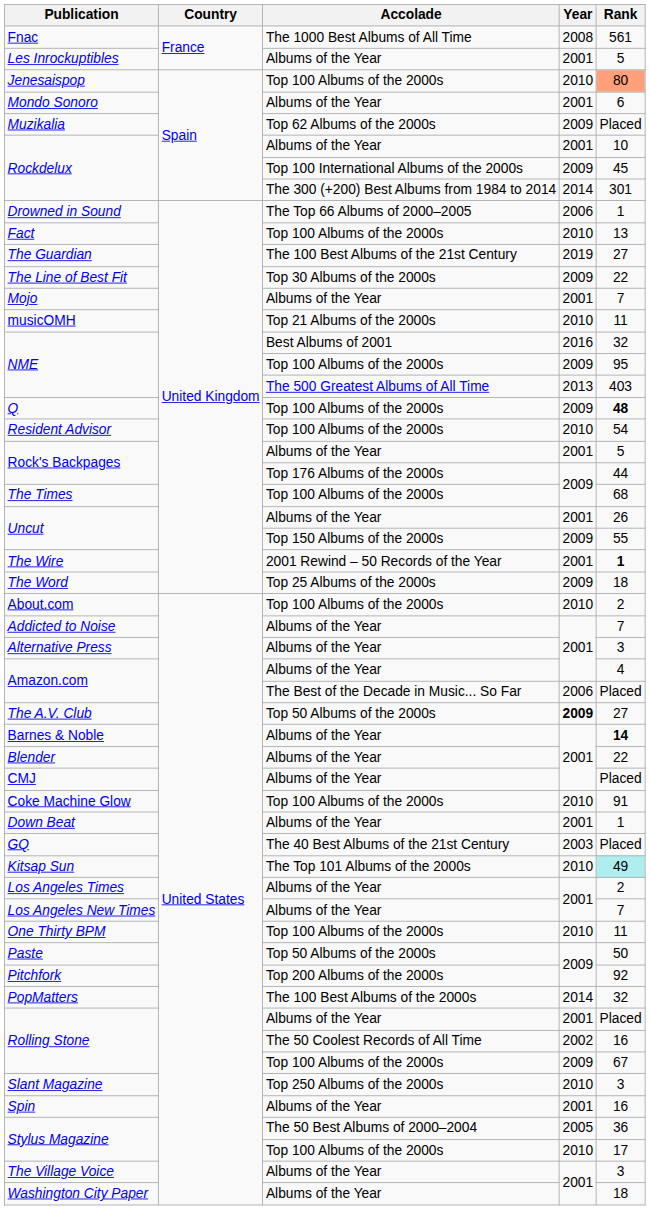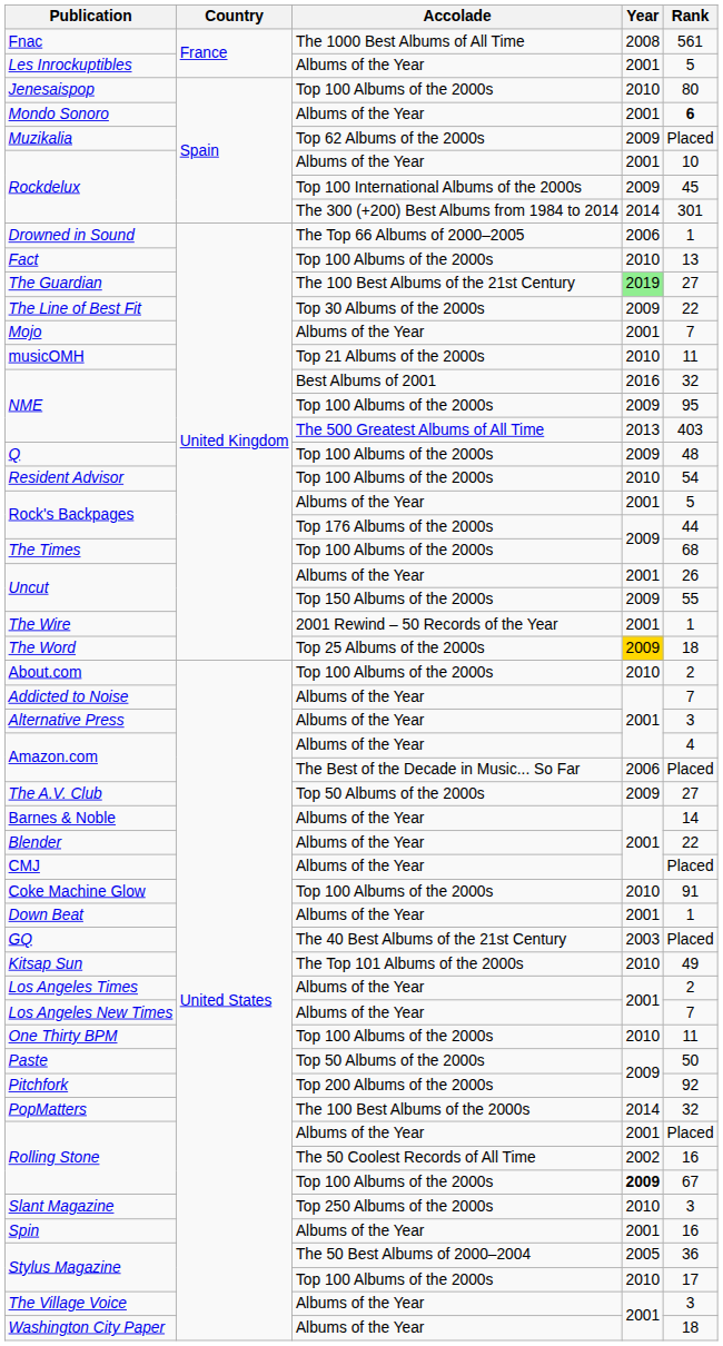 <table class="wikitable sortable">
 <tr>
 <th>Publication</th>
 <th>Country</th>
 <th>Accolade</th>
 <th>Year</th>
 <th>Rank</th>
 </tr>
 <tr>
 <td><a href='#'>Fnac</a></td>
 <td rowspan="2"><a href='#'>France</a></td>
 <td>The 1000 Best Albums of All Time</td>
 <td>2008</td>
 <td style="text-align:center;">561</td>
 </tr>
 <tr>
 <td><em><a href='#'>Les Inrockuptibles</a></em></td>
 <td>Albums of the Year</td>
 <td>2001</td>
 <td style="text-align:center;">5</td>
 </tr>
 <tr>
 <td><em><a href='#'>Jenesaispop</a></em></td>
 <td rowspan="6"><a href='#'>Spain</a></td>
 <td>Top 100 Albums of the 2000s</td>
 <td>2010</td>
-<td style="background: lightsalmon; text-align:center;">80</td>
+<td style="text-align:center;">80</td>
 </tr>
 <tr>
 <td><em><a href='#'>Mondo Sonoro</a></em></td>
 <td>Albums of the Year</td>
 <td>2001</td>
-<td style="text-align:center;">6</td>
+<td style="text-align:center;"><strong>6</strong></td>
 </tr>
 <tr>
 <td><em><a href='#'>Muzikalia</a></em></td>
 <td>Top 62 Albums of the 2000s</td>
 <td>2009</td>
 <td style="text-align:center;">Placed</td>
 </tr>
 <tr>
 <td rowspan="3"><em><a href='#'>Rockdelux</a></em></td>
 <td>Albums of the Year</td>
 <td>2001</td>
 <td style="text-align:center;">10</td>
 </tr>
 <tr>
 <td>Top 100 International Albums of the 2000s</td>
 <td>2009</td>
 <td style="text-align:center;">45</td>
 </tr>
 <tr>
 <td>The 300 (+200) Best Albums from 1984 to 2014</td>
 <td>2014</td>
 <td style="text-align:center;">301</td>
 </tr>
 <tr>
 <td><em><a href='#'>Drowned in Sound</a></em></td>
 <td rowspan="18"><a href='#'>United Kingdom</a></td>
 <td>The Top 66 Albums of 2000–2005</td>
 <td>2006</td>
 <td style="text-align:center;">1</td>
 </tr>
 <tr>
 <td><em><a href='#'>Fact</a></em></td>
 <td>Top 100 Albums of the 2000s</td>
 <td>2010</td>
 <td style="text-align:center;">13</td>
 </tr>
 <tr>
 <td><em><a href='#'>The Guardian</a></em></td>
 <td>The 100 Best Albums of the 21st Century</td>
-<td>2019</td>
+<td style="background: lightgreen;">2019</td>
 <td style="text-align:center;">27</td>
 </tr>
 <tr>
 <td><em><a href='#'>The Line of Best Fit</a></em></td>
 <td>Top 30 Albums of the 2000s</td>
 <td>2009</td>
 <td style="text-align:center;">22</td>
 </tr>
 <tr>
 <td><em><a href='#'>Mojo</a></em></td>
 <td>Albums of the Year</td>
 <td>2001</td>
 <td style="text-align:center;">7</td>
 </tr>
 <tr>
 <td><a href='#'>musicOMH</a></td>
 <td>Top 21 Albums of the 2000s</td>
 <td>2010</td>
 <td style="text-align:center;">11</td>
 </tr>
 <tr>
 <td rowspan="3"><em><a href='#'>NME</a></em></td>
 <td>Best Albums of 2001</td>
 <td>2016</td>
 <td style="text-align:center;">32</td>
 </tr>
 <tr>
 <td>Top 100 Albums of the 2000s</td>
 <td>2009</td>
 <td style="text-align:center;">95</td>
 </tr>
 <tr>
 <td><a href='#'>The 500 Greatest Albums of All Time</a></td>
 <td>2013</td>
 <td style="text-align:center;">403</td>
 </tr>
 <tr>
 <td><em><a href='#'>Q</a></em></td>
 <td>Top 100 Albums of the 2000s</td>
 <td>2009</td>
-<td style="text-align:center;"><strong>48</strong></td>
+<td style="text-align:center;">48</td>
 </tr>
 <tr>
 <td><em><a href='#'>Resident Advisor</a></em></td>
 <td>Top 100 Albums of the 2000s</td>
 <td>2010</td>
 <td style="text-align:center;">54</td>
 </tr>
 <tr>
 <td rowspan="2"><a href='#'>Rock's Backpages</a></td>
 <td>Albums of the Year</td>
 <td>2001</td>
 <td style="text-align:center;">5</td>
 </tr>
 <tr>
 <td>Top 176 Albums of the 2000s</td>
 <td rowspan="2">2009</td>
 <td style="text-align:center;">44</td>
 </tr>
 <tr>
 <td><em><a href='#'>The Times</a></em></td>
 <td>Top 100 Albums of the 2000s</td>
 <td style="text-align:center;">68</td>
 </tr>
 <tr>
 <td rowspan="2"><em><a href='#'>Uncut</a></em></td>
 <td>Albums of the Year</td>
 <td>2001</td>
 <td style="text-align:center;">26</td>
 </tr>
 <tr>
 <td>Top 150 Albums of the 2000s</td>
 <td>2009</td>
 <td style="text-align:center;">55</td>
 </tr>
 <tr>
 <td><em><a href='#'>The Wire</a></em></td>
 <td>2001 Rewind – 50 Records of the Year</td>
 <td>2001</td>
-<td style="text-align:center;"><strong>1</strong></td>
+<td style="text-align:center;">1</td>
 </tr>
 <tr>
 <td><em><a href='#'>The Word</a></em></td>
 <td>Top 25 Albums of the 2000s</td>
-<td>2009</td>
+<td style="background: gold;">2009</td>
 <td style="text-align:center;">18</td>
 </tr>
 <tr>
 <td><a href='#'>About.com</a></td>
 <td rowspan="28"><a href='#'>United States</a></td>
 <td>Top 100 Albums of the 2000s</td>
 <td>2010</td>
 <td style="text-align:center;">2</td>
 </tr>
 <tr>
 <td><em><a href='#'>Addicted to Noise</a></em></td>
 <td>Albums of the Year</td>
 <td rowspan="3">2001</td>
 <td style="text-align:center;">7</td>
 </tr>
 <tr>
 <td><em><a href='#'>Alternative Press</a></em></td>
 <td>Albums of the Year</td>
 <td style="text-align:center;">3</td>
 </tr>
 <tr>
 <td rowspan="2"><a href='#'>Amazon.com</a></td>
 <td>Albums of the Year</td>
 <td style="text-align:center;">4</td>
 </tr>
 <tr>
 <td>The Best of the Decade in Music... So Far</td>
 <td>2006</td>
 <td style="text-align:center;">Placed</td>
 </tr>
 <tr>
 <td><em><a href='#'>The A.V. Club</a></em></td>
 <td>Top 50 Albums of the 2000s</td>
-<td><strong>2009</strong></td>
+<td>2009</td>
 <td style="text-align:center;">27</td>
 </tr>
 <tr>
 <td><a href='#'>Barnes & Noble</a></td>
 <td>Albums of the Year</td>
 <td rowspan="3">2001</td>
-<td style="text-align:center;"><strong>14</strong></td>
+<td style="text-align:center;">14</td>
 </tr>
 <tr>
 <td><em><a href='#'>Blender</a></em></td>
 <td>Albums of the Year</td>
 <td style="text-align:center;">22</td>
 </tr>
 <tr>
 <td><a href='#'>CMJ</a></td>
 <td>Albums of the Year</td>
 <td style="text-align:center;">Placed</td>
 </tr>
 <tr>
 <td><a href='#'>Coke Machine Glow</a></td>
 <td>Top 100 Albums of the 2000s</td>
 <td>2010</td>
 <td style="text-align:center;">91</td>
 </tr>
 <tr>
 <td><em><a href='#'>Down Beat</a></em></td>
 <td>Albums of the Year</td>
 <td>2001</td>
 <td style="text-align:center;">1</td>
 </tr>
 <tr>
 <td><em><a href='#'>GQ</a></em></td>
 <td>The 40 Best Albums of the 21st Century</td>
 <td>2003</td>
 <td style="text-align:center;">Placed</td>
 </tr>
 <tr>
 <td><em><a href='#'>Kitsap Sun</a></em></td>
 <td>The Top 101 Albums of the 2000s</td>
 <td>2010</td>
-<td style="background: paleturquoise; text-align:center;">49</td>
+<td style="text-align:center;">49</td>
 </tr>
 <tr>
 <td><em><a href='#'>Los Angeles Times</a></em></td>
 <td>Albums of the Year</td>
 <td rowspan="2">2001</td>
 <td style="text-align:center;">2</td>
 </tr>
 <tr>
 <td><em><a href='#'>Los Angeles New Times</a></em></td>
 <td>Albums of the Year</td>
 <td style="text-align:center;">7</td>
 </tr>
 <tr>
 <td><em><a href='#'>One Thirty BPM</a></em></td>
 <td>Top 100 Albums of the 2000s</td>
 <td>2010</td>
 <td style="text-align:center;">11</td>
 </tr>
 <tr>
 <td><em><a href='#'>Paste</a></em></td>
 <td>Top 50 Albums of the 2000s</td>
 <td rowspan="2">2009</td>
 <td style="text-align:center;">50</td>
 </tr>
 <tr>
 <td><em><a href='#'>Pitchfork</a></em></td>
 <td>Top 200 Albums of the 2000s</td>
 <td style="text-align:center;">92</td>
 </tr>
 <tr>
 <td><em><a href='#'>PopMatters</a></em></td>
 <td>The 100 Best Albums of the 2000s</td>
 <td>2014</td>
 <td style="text-align:center;">32</td>
 </tr>
 <tr>
 <td rowspan="3"><em><a href='#'>Rolling Stone</a></em></td>
 <td>Albums of the Year</td>
 <td>2001</td>
 <td style="text-align:center;">Placed</td>
 </tr>
 <tr>
 <td>The 50 Coolest Records of All Time</td>
 <td>2002</td>
 <td style="text-align:center;">16</td>
 </tr>
 <tr>
 <td>Top 100 Albums of the 2000s</td>
-<td>2009</td>
+<td><strong>2009</strong></td>
 <td style="text-align:center;">67</td>
 </tr>
 <tr>
 <td><em><a href='#'>Slant Magazine</a></em></td>
 <td>Top 250 Albums of the 2000s</td>
 <td>2010</td>
 <td style="text-align:center;">3</td>
 </tr>
 <tr>
 <td><em><a href='#'>Spin</a></em></td>
 <td>Albums of the Year</td>
 <td>2001</td>
 <td style="text-align:center;">16</td>
 </tr>
 <tr>
 <td rowspan="2"><em><a href='#'>Stylus Magazine</a></em></td>
 <td>The 50 Best Albums of 2000–2004</td>
 <td>2005</td>
 <td style="text-align:center;">36</td>
 </tr>
 <tr>
 <td>Top 100 Albums of the 2000s</td>
 <td>2010</td>
 <td style="text-align:center;">17</td>
 </tr>
 <tr>
 <td><em><a href='#'>The Village Voice</a></em></td>
 <td>Albums of the Year</td>
 <td rowspan="2">2001</td>
 <td style="text-align:center;">3</td>
 </tr>
 <tr>
 <td><em><a href='#'>Washington City Paper</a></em></td>
 <td>Albums of the Year</td>
 <td style="text-align:center;">18</td>
 </tr>
 </table>
